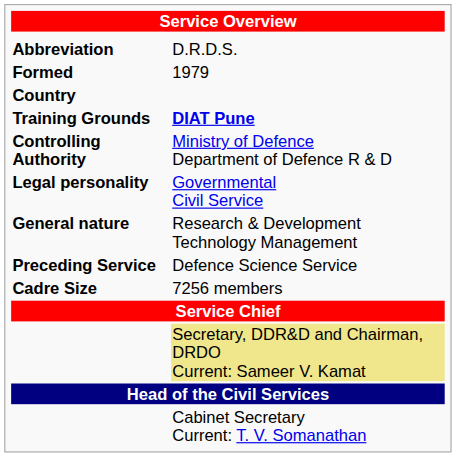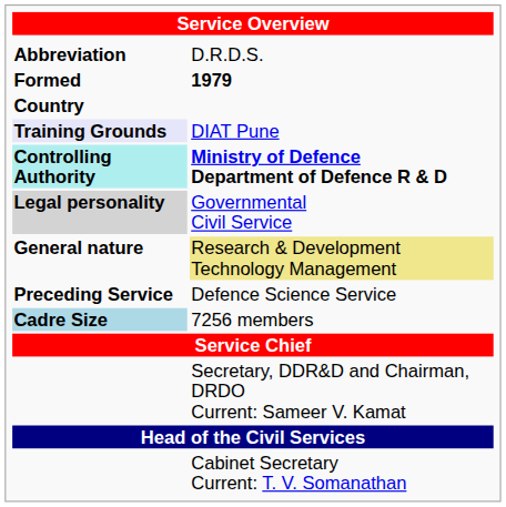 <table class="infobox" style="font-size: 90%; text-align: left; width: 27em">
 <tr>
 <th cellpadding="1" colspan="12" style="background:#FF0000; color:#fff; text-align:center;">Service Overview</th>
 </tr>
 <tr>
 <td colspan=2 style="text-align: center"></td>
 </tr>
 <tr>
 <td><strong>Abbreviation</strong></td>
 <td>D.R.D.S.</td>
 </tr>
 <tr>
 <td><strong>Formed</strong></td>
-<td>1979</td>
+<td><strong>1979</strong></td>
 </tr>
 <tr>
 <td><strong>Country</strong></td>
 <td></td>
 </tr>
 <tr>
-<td><strong>Training Grounds</strong></td>
-<td><strong><a href='#'>DIAT Pune</a> <br></strong></td>
+<td style="background: lavender;"><strong>Training Grounds</strong></td>
+<td><a href='#'>DIAT Pune</a> <br></td>
 </tr>
 <tr>
-<td><strong>Controlling Authority</strong></td>
-<td><a href='#'>Ministry of Defence</a><br> Department of Defence R & D</td>
+<td style="background: paleturquoise;"><strong>Controlling Authority</strong></td>
+<td><strong><a href='#'>Ministry of Defence</a><br> Department of Defence R & D</strong></td>
 </tr>
 <tr>
-<td><strong>Legal personality</strong></td>
+<td style="background: lightgrey;"><strong>Legal personality</strong></td>
 <td><a href='#'>Governmental</a><br><a href='#'>Civil Service</a></td>
 </tr>
 <tr>
 <td><strong>General nature</strong></td>
-<td>Research & Development <br> Technology Management</td>
+<td style="background: khaki;">Research & Development <br> Technology Management</td>
 </tr>
 <tr>
 <td><strong>Preceding Service</strong></td>
 <td>Defence Science Service</td>
 </tr>
 <tr>
-<td><strong>Cadre Size</strong></td>
+<td style="background: lightblue;"><strong>Cadre Size</strong></td>
 <td>7256 members</td>
 </tr>
 <tr>
 <th cellpadding="1" colspan="12" style="background:#FF0000; color:#fff; text-align:center;">Service Chief</th>
 </tr>
 <tr>
 <td></td>
-<td style="background: khaki;">Secretary, DDR&D and Chairman, DRDO <br> Current: Sameer V. Kamat</td>
+<td>Secretary, DDR&D and Chairman, DRDO <br> Current: Sameer V. Kamat</td>
 </tr>
 <tr>
 <th cellpadding="1" colspan="12" style="background:#000080; color:#fff; text-align:center;">Head of the Civil Services</th>
 </tr>
 <tr>
 <td></td>
 <td>Cabinet Secretary<br> Current: <a href='#'>T. V. Somanathan</a></td>
 </tr>
 </table>
